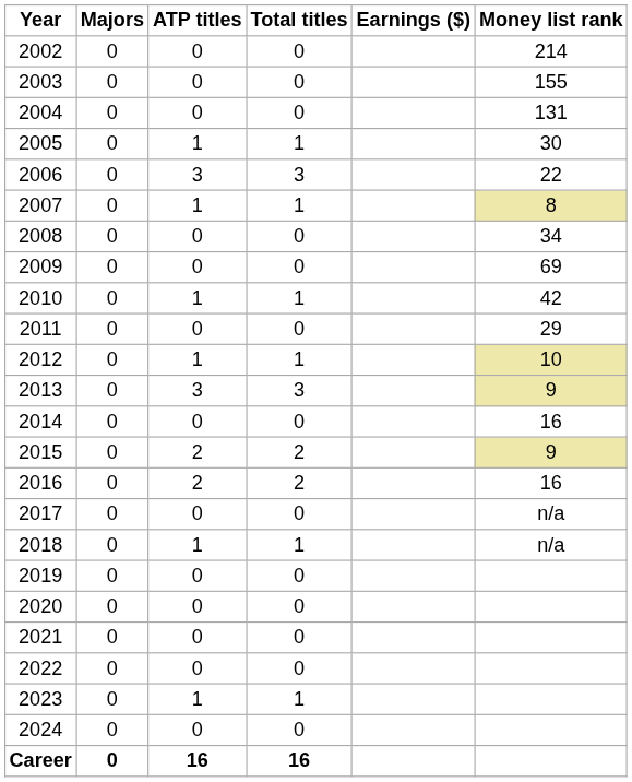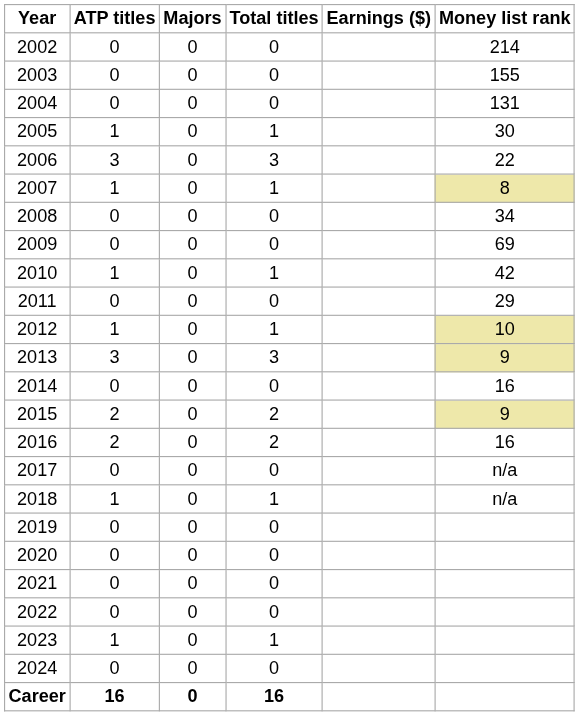 <table cellpadding=3 cellspacing=0 border=1 style=font-size:100%;border:#aaa;solid:1;border-collapse:collapse;text-align:center>
 <tr>
 <th>Year</th>
+<th>ATP titles</th>
 <th>Majors</th>
-<th>ATP titles</th>
 <th>Total titles</th>
 <th>Earnings ($)</th>
 <th>Money list rank</th>
 </tr>
 <tr>
 <td>2002</td>
 <td>0</td>
 <td>0</td>
 <td>0</td>
 <td align=right></td>
 <td>214</td>
 </tr>
 <tr>
 <td>2003</td>
 <td>0</td>
 <td>0</td>
 <td>0</td>
 <td align=right></td>
 <td>155</td>
 </tr>
 <tr>
 <td>2004</td>
 <td>0</td>
 <td>0</td>
 <td>0</td>
 <td align=right></td>
 <td>131</td>
 </tr>
 <tr>
 <td>2005</td>
+<td>1</td>
 <td>0</td>
-<td>1</td>
 <td>1</td>
 <td align=right></td>
 <td>30</td>
 </tr>
 <tr>
 <td>2006</td>
+<td>3</td>
 <td>0</td>
-<td>3</td>
 <td>3</td>
 <td align=right></td>
 <td>22</td>
 </tr>
 <tr>
 <td>2007</td>
+<td>1</td>
 <td>0</td>
-<td>1</td>
 <td>1</td>
 <td align=right></td>
 <td bgcolor=eee8aa>8</td>
 </tr>
 <tr>
 <td>2008</td>
 <td>0</td>
 <td>0</td>
 <td>0</td>
 <td align=right></td>
 <td>34</td>
 </tr>
 <tr>
 <td>2009</td>
 <td>0</td>
 <td>0</td>
 <td>0</td>
 <td align=right></td>
 <td>69</td>
 </tr>
 <tr>
 <td>2010</td>
+<td>1</td>
 <td>0</td>
-<td>1</td>
 <td>1</td>
 <td align=right></td>
 <td>42</td>
 </tr>
 <tr>
 <td>2011</td>
 <td>0</td>
 <td>0</td>
 <td>0</td>
 <td align=right></td>
 <td>29</td>
 </tr>
 <tr>
 <td>2012</td>
+<td>1</td>
 <td>0</td>
-<td>1</td>
 <td>1</td>
 <td align=right></td>
 <td bgcolor=eee8aa>10</td>
 </tr>
 <tr>
 <td>2013</td>
+<td>3</td>
 <td>0</td>
-<td>3</td>
 <td>3</td>
 <td align=right></td>
 <td bgcolor=eee8aa>9</td>
 </tr>
 <tr>
 <td>2014</td>
 <td>0</td>
 <td>0</td>
 <td>0</td>
 <td align=right></td>
 <td>16</td>
 </tr>
 <tr>
 <td>2015</td>
+<td>2</td>
 <td>0</td>
-<td>2</td>
 <td>2</td>
 <td align=right></td>
 <td bgcolor=eee8aa>9</td>
 </tr>
 <tr>
 <td>2016</td>
+<td>2</td>
 <td>0</td>
-<td>2</td>
 <td>2</td>
 <td align=right></td>
 <td>16</td>
 </tr>
 <tr>
 <td>2017</td>
 <td>0</td>
 <td>0</td>
 <td>0</td>
 <td align=right></td>
 <td>n/a</td>
 </tr>
 <tr>
 <td>2018</td>
+<td>1</td>
 <td>0</td>
-<td>1</td>
 <td>1</td>
 <td align=right></td>
 <td>n/a</td>
 </tr>
 <tr>
 <td>2019</td>
 <td>0</td>
 <td>0</td>
 <td>0</td>
 <td align=right></td>
 <td></td>
 </tr>
 <tr>
 <td>2020</td>
 <td>0</td>
 <td>0</td>
 <td>0</td>
 <td align=right></td>
 <td></td>
 </tr>
 <tr>
 <td>2021</td>
 <td>0</td>
 <td>0</td>
 <td>0</td>
 <td align=right></td>
 <td></td>
 </tr>
 <tr>
 <td>2022</td>
 <td>0</td>
 <td>0</td>
 <td>0</td>
 <td align=right></td>
 <td></td>
 </tr>
 <tr>
 <td>2023</td>
+<td>1</td>
 <td>0</td>
-<td>1</td>
 <td>1</td>
 <td align=right></td>
 <td></td>
 </tr>
 <tr>
 <td>2024</td>
 <td>0</td>
 <td>0</td>
 <td>0</td>
 <td align=right></td>
 <td></td>
 </tr>
 <tr>
 <th>Career</th>
+<th>16</th>
 <th>0</th>
-<th>16</th>
 <th>16</th>
 <th align=right></th>
 <th></th>
 </tr>
 </table>
